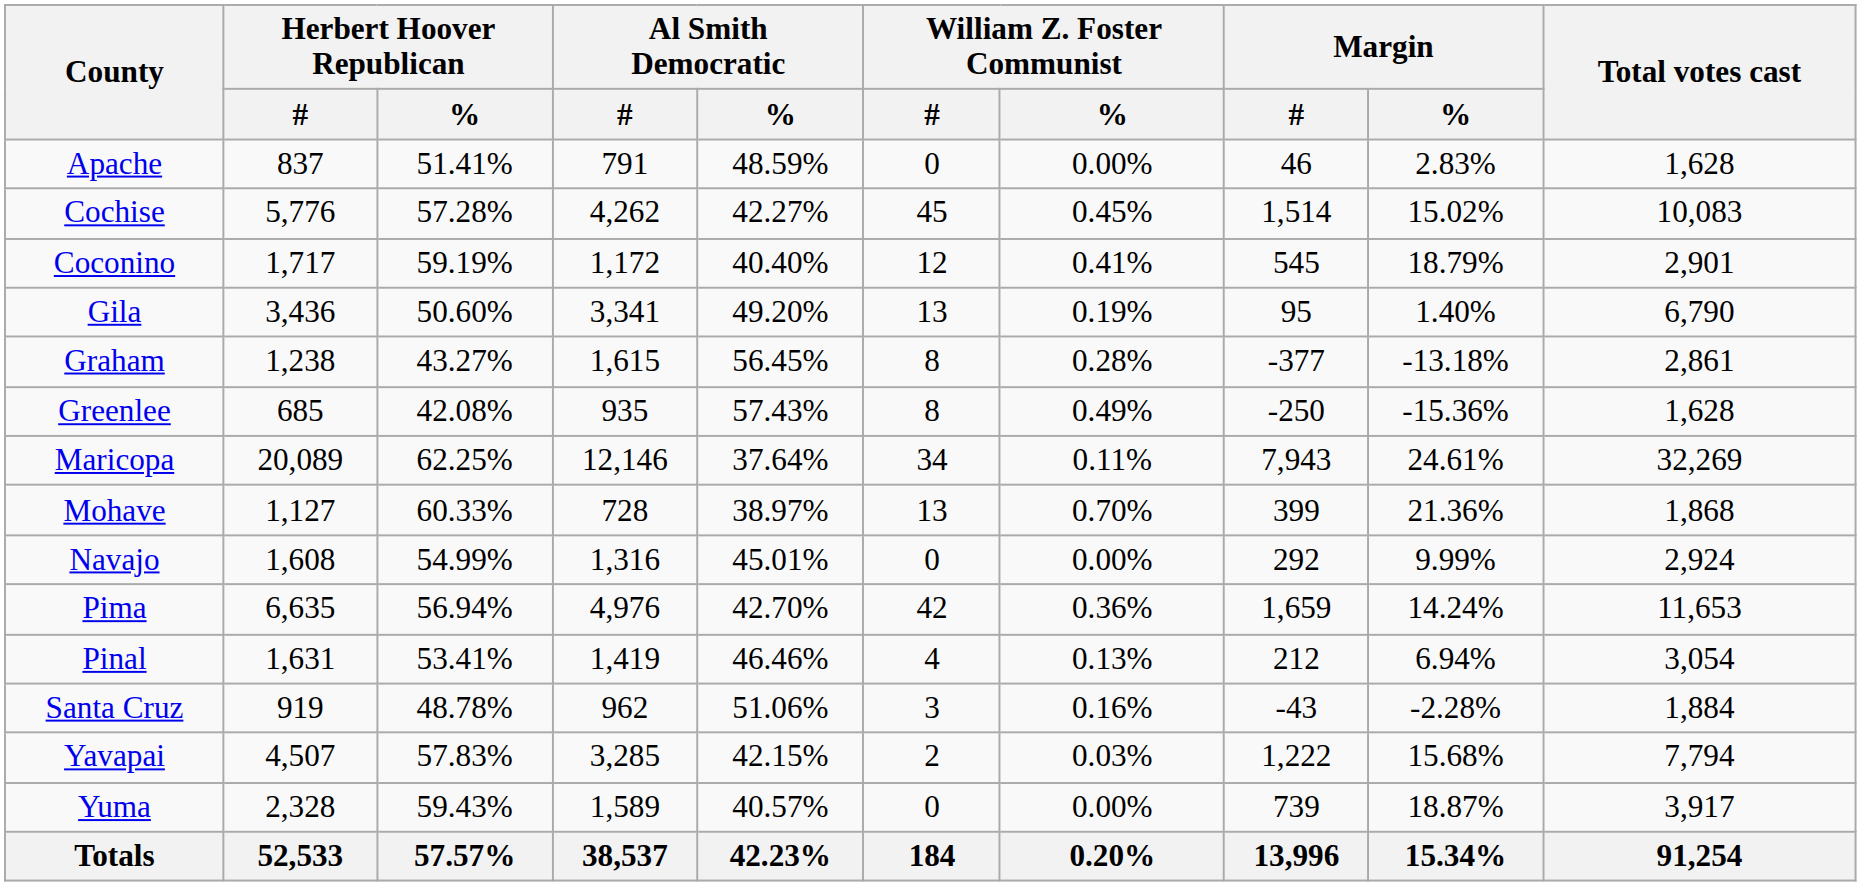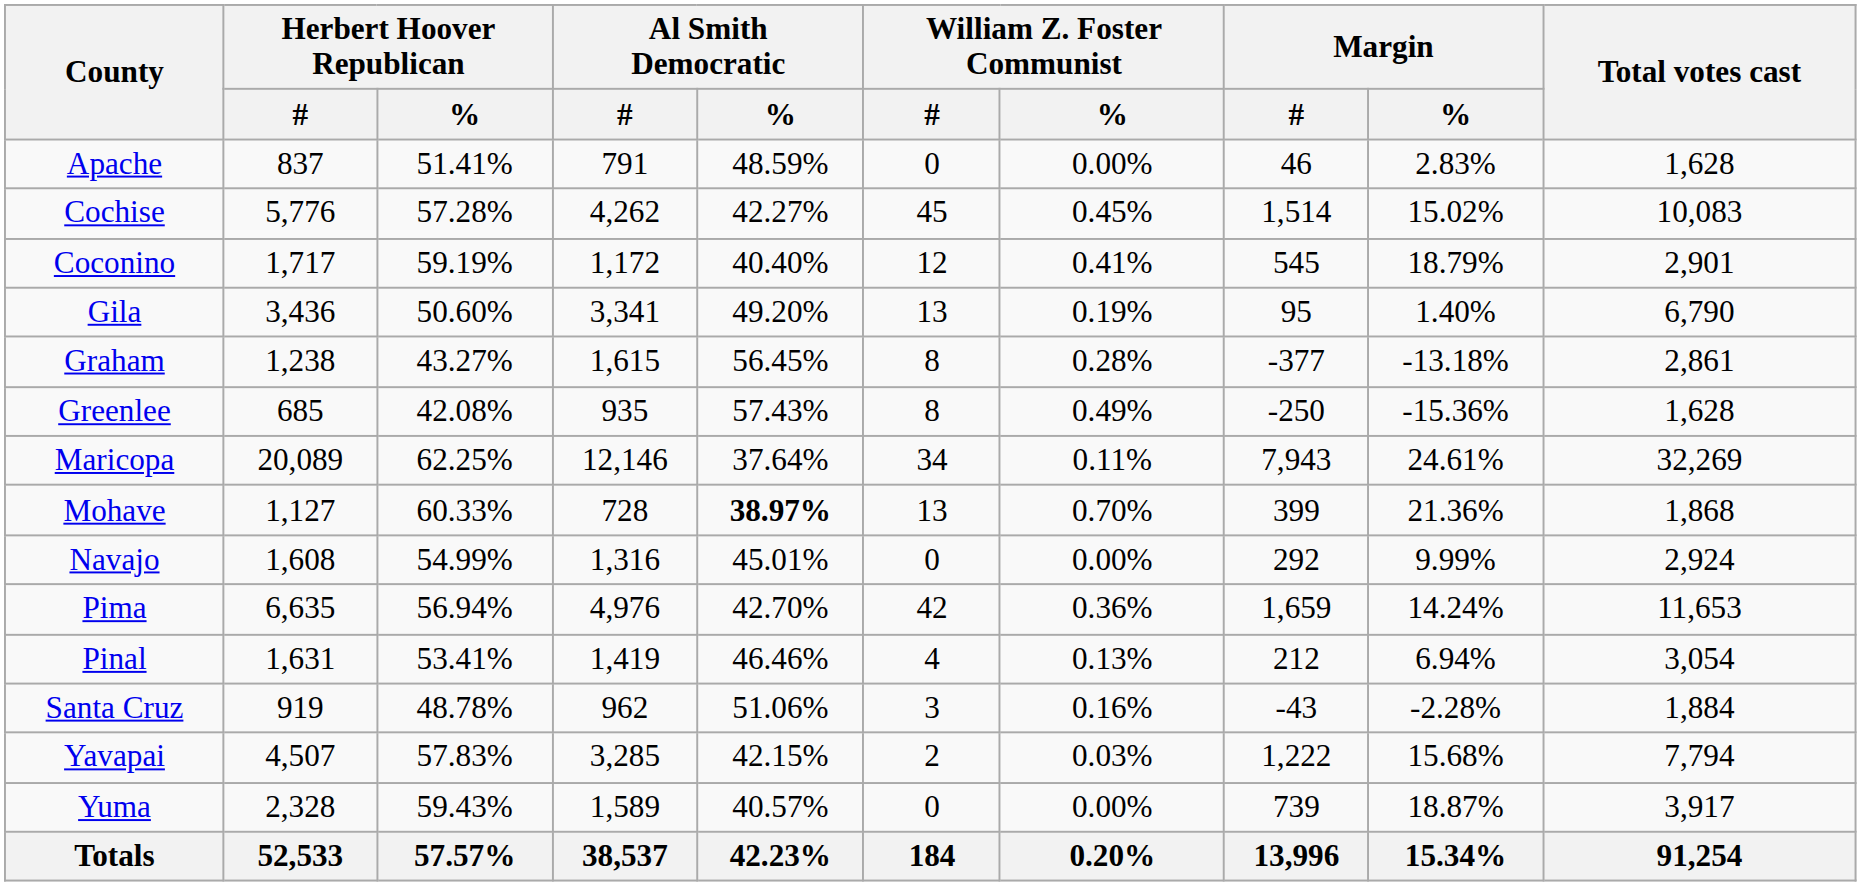 <table width="60%" class="wikitable sortable" style="text-align:center">
 <tr>
 <th rowspan="2">County</th>
 <th style="text-align:center;" colspan="2">Herbert Hoover<br>Republican</th>
 <th style="text-align:center;" colspan="2">Al Smith<br>Democratic</th>
 <th style="text-align:center;" colspan="2">William Z. Foster<br>Communist</th>
 <th style="text-align:center;" colspan="2">Margin</th>
 <th style="text-align:center;" rowspan="2">Total votes cast</th>
 </tr>
 <tr>
 <th style="text-align:center;" data-sort-type="number">#</th>
 <th style="text-align:center;" data-sort-type="number">%</th>
 <th style="text-align:center;" data-sort-type="number">#</th>
 <th style="text-align:center;" data-sort-type="number">%</th>
 <th style="text-align:center;" data-sort-type="number">#</th>
 <th style="text-align:center;" data-sort-type="number">%</th>
 <th style="text-align:center;" data-sort-type="number">#</th>
 <th style="text-align:center;" data-sort-type="number">%</th>
 </tr>
 <tr style="text-align:center;">
 <td><a href='#'>Apache</a></td>
 <td>837</td>
 <td>51.41%</td>
 <td>791</td>
 <td>48.59%</td>
 <td>0</td>
 <td>0.00%</td>
 <td>46</td>
 <td>2.83%</td>
 <td>1,628</td>
 </tr>
 <tr style="text-align:center;">
 <td><a href='#'>Cochise</a></td>
 <td>5,776</td>
 <td>57.28%</td>
 <td>4,262</td>
 <td>42.27%</td>
 <td>45</td>
 <td>0.45%</td>
 <td>1,514</td>
 <td>15.02%</td>
 <td>10,083</td>
 </tr>
 <tr style="text-align:center;">
 <td><a href='#'>Coconino</a></td>
 <td>1,717</td>
 <td>59.19%</td>
 <td>1,172</td>
 <td>40.40%</td>
 <td>12</td>
 <td>0.41%</td>
 <td>545</td>
 <td>18.79%</td>
 <td>2,901</td>
 </tr>
 <tr style="text-align:center;">
 <td><a href='#'>Gila</a></td>
 <td>3,436</td>
 <td>50.60%</td>
 <td>3,341</td>
 <td>49.20%</td>
 <td>13</td>
 <td>0.19%</td>
 <td>95</td>
 <td>1.40%</td>
 <td>6,790</td>
 </tr>
 <tr style="text-align:center;">
 <td><a href='#'>Graham</a></td>
 <td>1,238</td>
 <td>43.27%</td>
 <td>1,615</td>
 <td>56.45%</td>
 <td>8</td>
 <td>0.28%</td>
 <td>-377</td>
 <td>-13.18%</td>
 <td>2,861</td>
 </tr>
 <tr style="text-align:center;">
 <td><a href='#'>Greenlee</a></td>
 <td>685</td>
 <td>42.08%</td>
 <td>935</td>
 <td>57.43%</td>
 <td>8</td>
 <td>0.49%</td>
 <td>-250</td>
 <td>-15.36%</td>
 <td>1,628</td>
 </tr>
 <tr style="text-align:center;">
 <td><a href='#'>Maricopa</a></td>
 <td>20,089</td>
 <td>62.25%</td>
 <td>12,146</td>
 <td>37.64%</td>
 <td>34</td>
 <td>0.11%</td>
 <td>7,943</td>
 <td>24.61%</td>
 <td>32,269</td>
 </tr>
 <tr style="text-align:center;">
 <td><a href='#'>Mohave</a></td>
 <td>1,127</td>
 <td>60.33%</td>
 <td>728</td>
-<td>38.97%</td>
+<td><strong>38.97%</strong></td>
 <td>13</td>
 <td>0.70%</td>
 <td>399</td>
 <td>21.36%</td>
 <td>1,868</td>
 </tr>
 <tr style="text-align:center;">
 <td><a href='#'>Navajo</a></td>
 <td>1,608</td>
 <td>54.99%</td>
 <td>1,316</td>
 <td>45.01%</td>
 <td>0</td>
 <td>0.00%</td>
 <td>292</td>
 <td>9.99%</td>
 <td>2,924</td>
 </tr>
 <tr style="text-align:center;">
 <td><a href='#'>Pima</a></td>
 <td>6,635</td>
 <td>56.94%</td>
 <td>4,976</td>
 <td>42.70%</td>
 <td>42</td>
 <td>0.36%</td>
 <td>1,659</td>
 <td>14.24%</td>
 <td>11,653</td>
 </tr>
 <tr style="text-align:center;">
 <td><a href='#'>Pinal</a></td>
 <td>1,631</td>
 <td>53.41%</td>
 <td>1,419</td>
 <td>46.46%</td>
 <td>4</td>
 <td>0.13%</td>
 <td>212</td>
 <td>6.94%</td>
 <td>3,054</td>
 </tr>
 <tr style="text-align:center;">
 <td><a href='#'>Santa Cruz</a></td>
 <td>919</td>
 <td>48.78%</td>
 <td>962</td>
 <td>51.06%</td>
 <td>3</td>
 <td>0.16%</td>
 <td>-43</td>
 <td>-2.28%</td>
 <td>1,884</td>
 </tr>
 <tr style="text-align:center;">
 <td><a href='#'>Yavapai</a></td>
 <td>4,507</td>
 <td>57.83%</td>
 <td>3,285</td>
 <td>42.15%</td>
 <td>2</td>
 <td>0.03%</td>
 <td>1,222</td>
 <td>15.68%</td>
 <td>7,794</td>
 </tr>
 <tr style="text-align:center;">
 <td><a href='#'>Yuma</a></td>
 <td>2,328</td>
 <td>59.43%</td>
 <td>1,589</td>
 <td>40.57%</td>
 <td>0</td>
 <td>0.00%</td>
 <td>739</td>
 <td>18.87%</td>
 <td>3,917</td>
 </tr>
 <tr style="text-align:center;">
 <th>Totals</th>
 <th>52,533</th>
 <th>57.57%</th>
 <th>38,537</th>
 <th>42.23%</th>
 <th>184</th>
 <th>0.20%</th>
 <th>13,996</th>
 <th>15.34%</th>
 <th>91,254</th>
 </tr>
 </table>
